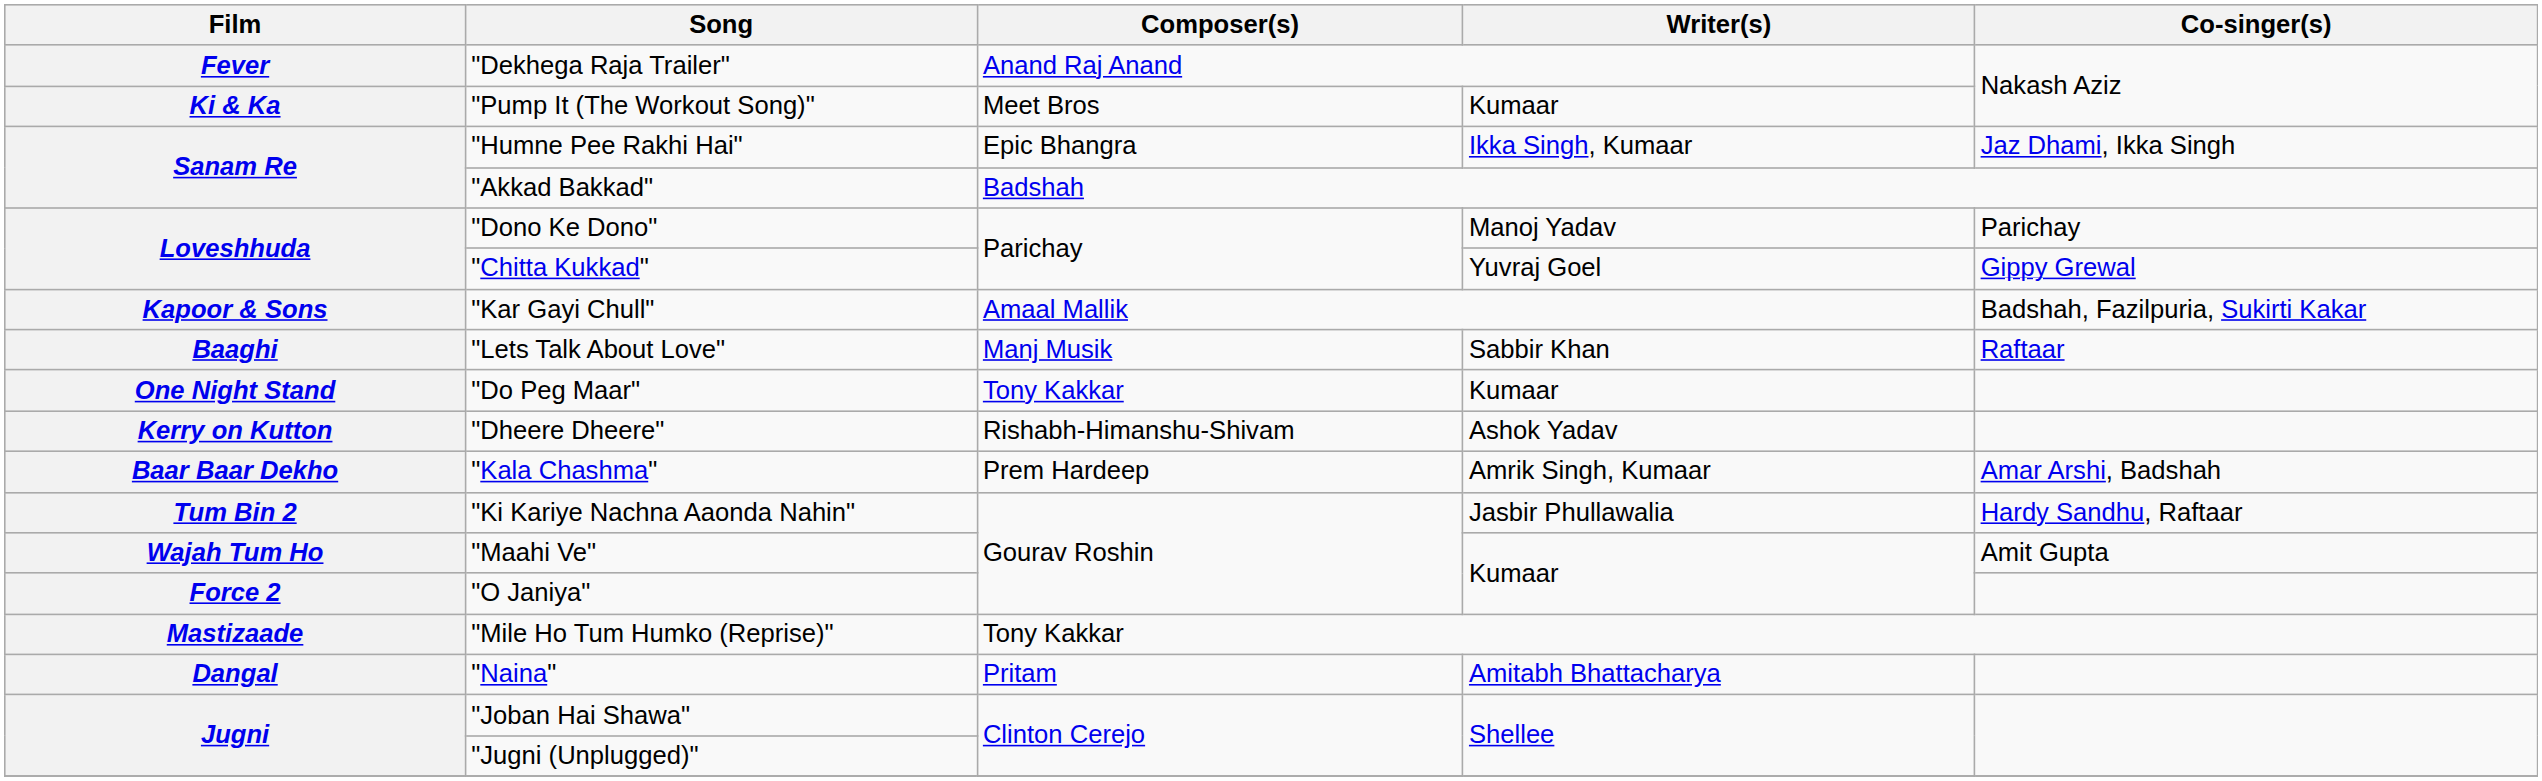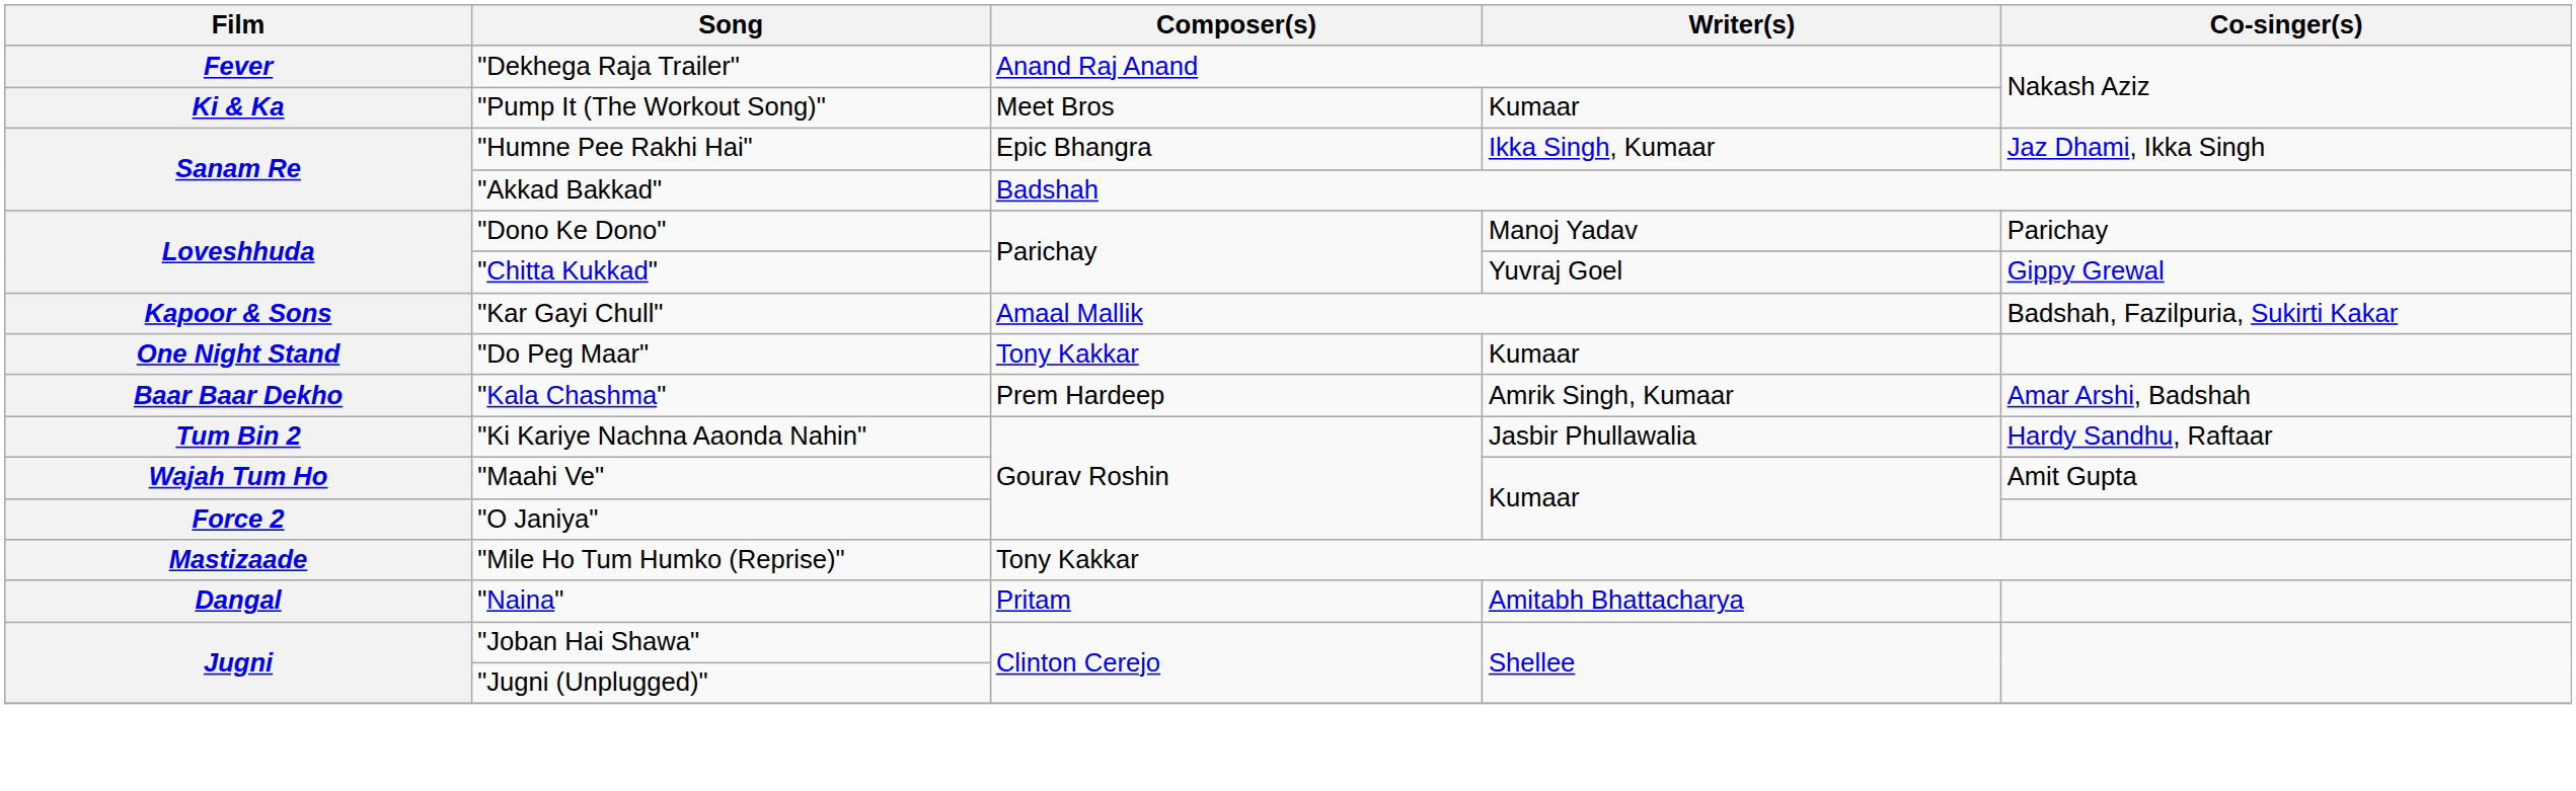 <table class="wikitable plainrowheaders" width="100%">
 <tr>
 <th width=18%>Film</th>
 <th width=20%>Song</th>
 <th width=19%>Composer(s)</th>
 <th width=20%>Writer(s)</th>
 <th width=22%>Co-singer(s)</th>
 </tr>
 <tr>
 <th scope=row><em><a href='#'>Fever</a></em></th>
 <td>"Dekhega Raja Trailer"</td>
 <td colspan=2><a href='#'>Anand Raj Anand</a></td>
 <td rowspan=2>Nakash Aziz</td>
 </tr>
 <tr>
 <th scope=row><em><a href='#'>Ki & Ka</a></em></th>
 <td>"Pump It (The Workout Song)"</td>
 <td>Meet Bros</td>
 <td>Kumaar</td>
 </tr>
 <tr>
 <th scope=row rowspan=2><em><a href='#'>Sanam Re</a></em></th>
 <td>"Humne Pee Rakhi Hai"</td>
 <td>Epic Bhangra</td>
 <td><a href='#'>Ikka Singh</a>, Kumaar</td>
 <td><a href='#'>Jaz Dhami</a>, Ikka Singh</td>
 </tr>
 <tr>
 <td>"Akkad Bakkad"</td>
 <td colspan=3><a href='#'>Badshah</a></td>
 </tr>
 <tr>
 <th scope=row rowspan=2><em><a href='#'>Loveshhuda</a></em></th>
 <td>"Dono Ke Dono"</td>
 <td rowspan="2">Parichay</td>
 <td>Manoj Yadav</td>
 <td>Parichay</td>
 </tr>
 <tr>
 <td>"<a href='#'>Chitta Kukkad</a>"</td>
 <td>Yuvraj Goel</td>
 <td><a href='#'>Gippy Grewal</a></td>
 </tr>
 <tr>
 <th scope=row><em><a href='#'>Kapoor & Sons</a></em></th>
 <td>"Kar Gayi Chull"</td>
 <td colspan=2><a href='#'>Amaal Mallik</a></td>
 <td>Badshah, Fazilpuria, <a href='#'>Sukirti Kakar</a></td>
 </tr>
 <tr>
-<th scope=row><em><a href='#'>Baaghi</a></em></th>
-<td>"Lets Talk About Love"</td>
-<td><a href='#'>Manj Musik</a></td>
-<td>Sabbir Khan</td>
-<td><a href='#'>Raftaar</a></td>
-</tr>
-<tr>
 <th scope=row><em><a href='#'>One Night Stand</a></em></th>
 <td>"Do Peg Maar"</td>
 <td><a href='#'>Tony Kakkar</a></td>
 <td>Kumaar</td>
-<td></td>
-</tr>
-<tr>
-<th scope=row><em><a href='#'>Kerry on Kutton</a></em></th>
-<td>"Dheere Dheere"</td>
-<td>Rishabh-Himanshu-Shivam</td>
-<td>Ashok Yadav</td>
 <td></td>
 </tr>
 <tr>
 <th scope=row><em><a href='#'>Baar Baar Dekho</a></em></th>
 <td>"<a href='#'>Kala Chashma</a>"</td>
 <td>Prem Hardeep</td>
 <td>Amrik Singh, Kumaar</td>
 <td><a href='#'>Amar Arshi</a>, Badshah</td>
 </tr>
 <tr>
 <th scope=row><em><a href='#'>Tum Bin 2</a></em></th>
 <td>"Ki Kariye Nachna Aaonda Nahin"</td>
 <td rowspan=3>Gourav Roshin</td>
 <td>Jasbir Phullawalia</td>
 <td><a href='#'>Hardy Sandhu</a>, Raftaar</td>
 </tr>
 <tr>
 <th scope=row><em><a href='#'>Wajah Tum Ho</a></em></th>
 <td>"Maahi Ve"</td>
 <td rowspan=2>Kumaar</td>
 <td>Amit Gupta</td>
 </tr>
 <tr>
 <th scope=row><em><a href='#'>Force 2</a></em></th>
 <td>"O Janiya"</td>
 <td></td>
 </tr>
 <tr>
 <th scope=row><em><a href='#'>Mastizaade</a></em></th>
 <td>"Mile Ho Tum Humko (Reprise)"</td>
 <td colspan="3">Tony Kakkar</td>
 </tr>
 <tr>
 <th scope=row><em><a href='#'>Dangal</a></em></th>
 <td>"<a href='#'>Naina</a>"</td>
 <td><a href='#'>Pritam</a></td>
 <td><a href='#'>Amitabh Bhattacharya</a></td>
 <td></td>
 </tr>
 <tr>
 <th scope=row rowspan="2"><em><a href='#'>Jugni</a></em></th>
 <td>"Joban Hai Shawa"</td>
 <td rowspan="2"><a href='#'>Clinton Cerejo</a></td>
 <td rowspan="2"><a href='#'>Shellee</a></td>
 <td rowspan="2"></td>
 </tr>
 <tr>
 <td>"Jugni (Unplugged)"</td>
 </tr>
 <tr>
 </tr>
 </table>
